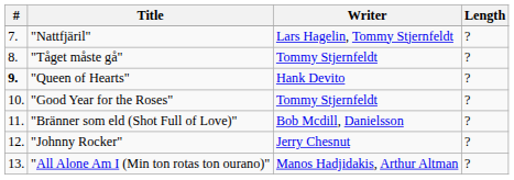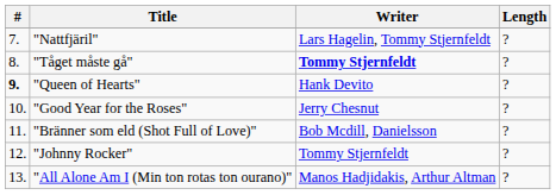 <table class="wikitable">
 <tr>
 <th>#</th>
 <th>Title</th>
 <th>Writer</th>
 <th>Length</th>
 </tr>
 <tr bgcolor="#ebf5ff">
 </tr>
 <tr>
 <td>7.</td>
 <td>"Nattfjäril"</td>
 <td><a href='#'>Lars Hagelin</a>, <a href='#'>Tommy Stjernfeldt</a></td>
 <td>?</td>
 </tr>
 <tr>
 <td>8.</td>
 <td>"Tåget måste gå"</td>
-<td><a href='#'>Tommy Stjernfeldt</a></td>
+<td><strong><a href='#'>Tommy Stjernfeldt</a></strong></td>
 <td>?</td>
 </tr>
 <tr>
 <td><strong>9.</strong></td>
 <td>"Queen of Hearts"</td>
 <td><a href='#'>Hank Devito</a></td>
 <td>?</td>
 </tr>
 <tr>
 <td>10.</td>
 <td>"Good Year for the Roses"</td>
-<td><a href='#'>Tommy Stjernfeldt</a></td>
+<td><a href='#'>Jerry Chesnut</a></td>
 <td>?</td>
 </tr>
 <tr>
 <td>11.</td>
 <td>"Bränner som eld (Shot Full of Love)"</td>
 <td><a href='#'>Bob Mcdill</a>, <a href='#'>Danielsson</a></td>
 <td>?</td>
 </tr>
 <tr>
 <td>12.</td>
 <td>"Johnny Rocker"</td>
-<td><a href='#'>Jerry Chesnut</a></td>
+<td><a href='#'>Tommy Stjernfeldt</a></td>
 <td>?</td>
 </tr>
 <tr>
 <td>13.</td>
 <td>"<a href='#'>All Alone Am I</a> (Min ton rotas ton ourano)"</td>
 <td><a href='#'>Manos Hadjidakis</a>, <a href='#'>Arthur Altman</a></td>
 <td>?</td>
 </tr>
 </table>
